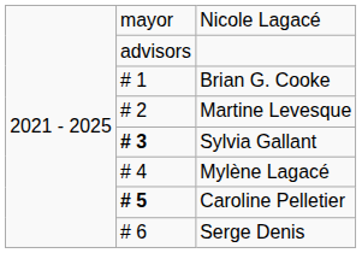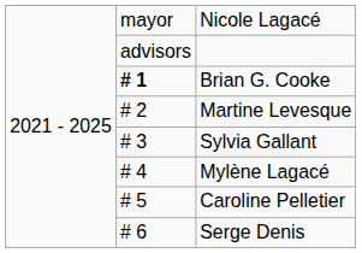 <table class="wikitable">
 <tr>
 <td rowspan="8">2021 - 2025</td>
 <td>mayor</td>
 <td>Nicole Lagacé</td>
 </tr>
 <tr>
 <td>advisors</td>
 <td></td>
 </tr>
 <tr>
-<td># 1</td>
+<td><strong># 1</strong></td>
 <td>Brian G. Cooke</td>
 </tr>
 <tr>
 <td># 2</td>
 <td>Martine Levesque</td>
 </tr>
 <tr>
-<td><strong># 3</strong></td>
+<td># 3</td>
 <td>Sylvia Gallant</td>
 </tr>
 <tr>
 <td># 4</td>
 <td>Mylène Lagacé</td>
 </tr>
 <tr>
-<td><strong># 5</strong></td>
+<td># 5</td>
 <td>Caroline Pelletier</td>
 </tr>
 <tr>
 <td># 6</td>
 <td>Serge Denis</td>
 </tr>
 </table>
